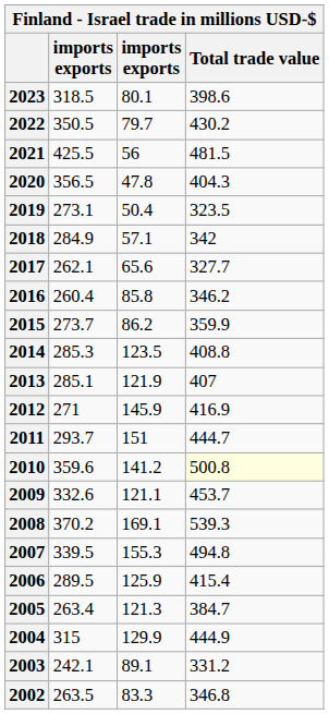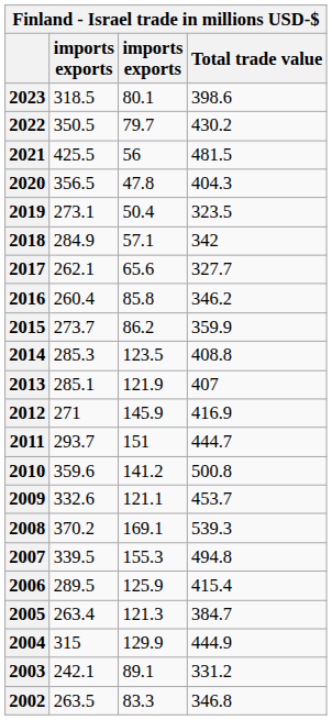 <table class="wikitable mw-collapsible mw-collapsed">
 <tr>
 <th colspan="4">Finland - Israel trade in millions USD-$</th>
 </tr>
 <tr>
 <th></th>
 <th> imports<br> exports</th>
 <th> imports<br> exports</th>
 <th>Total trade value</th>
 </tr>
 <tr>
 <th>2023</th>
 <td>318.5</td>
 <td>80.1</td>
 <td>398.6</td>
 </tr>
 <tr>
 <th>2022</th>
 <td>350.5</td>
 <td>79.7</td>
 <td>430.2</td>
 </tr>
 <tr>
 <th>2021</th>
 <td>425.5</td>
 <td>56</td>
 <td>481.5</td>
 </tr>
 <tr>
 <th>2020</th>
 <td>356.5</td>
 <td>47.8</td>
 <td>404.3</td>
 </tr>
 <tr>
 <th>2019</th>
 <td>273.1</td>
 <td>50.4</td>
 <td>323.5</td>
 </tr>
 <tr>
 <th>2018</th>
 <td>284.9</td>
 <td>57.1</td>
 <td>342</td>
 </tr>
 <tr>
 <th>2017</th>
 <td>262.1</td>
 <td>65.6</td>
 <td>327.7</td>
 </tr>
 <tr>
 <th>2016</th>
 <td>260.4</td>
 <td>85.8</td>
 <td>346.2</td>
 </tr>
 <tr>
 <th>2015</th>
 <td>273.7</td>
 <td>86.2</td>
 <td>359.9</td>
 </tr>
 <tr>
 <th>2014</th>
 <td>285.3</td>
 <td>123.5</td>
 <td>408.8</td>
 </tr>
 <tr>
 <th>2013</th>
 <td>285.1</td>
 <td>121.9</td>
 <td>407</td>
 </tr>
 <tr>
 <th>2012</th>
 <td>271</td>
 <td>145.9</td>
 <td>416.9</td>
 </tr>
 <tr>
 <th>2011</th>
 <td>293.7</td>
 <td>151</td>
 <td>444.7</td>
 </tr>
 <tr>
 <th>2010</th>
 <td>359.6</td>
 <td>141.2</td>
-<td style="background: lightyellow;">500.8</td>
+<td>500.8</td>
 </tr>
 <tr>
 <th>2009</th>
 <td>332.6</td>
 <td>121.1</td>
 <td>453.7</td>
 </tr>
 <tr>
 <th>2008</th>
 <td>370.2</td>
 <td>169.1</td>
 <td>539.3</td>
 </tr>
 <tr>
 <th>2007</th>
 <td>339.5</td>
 <td>155.3</td>
 <td>494.8</td>
 </tr>
 <tr>
 <th>2006</th>
 <td>289.5</td>
 <td>125.9</td>
 <td>415.4</td>
 </tr>
 <tr>
 <th>2005</th>
 <td>263.4</td>
 <td>121.3</td>
 <td>384.7</td>
 </tr>
 <tr>
 <th>2004</th>
 <td>315</td>
 <td>129.9</td>
 <td>444.9</td>
 </tr>
 <tr>
 <th>2003</th>
 <td>242.1</td>
 <td>89.1</td>
 <td>331.2</td>
 </tr>
 <tr>
 <th>2002</th>
 <td>263.5</td>
 <td>83.3</td>
 <td>346.8</td>
 </tr>
 </table>
